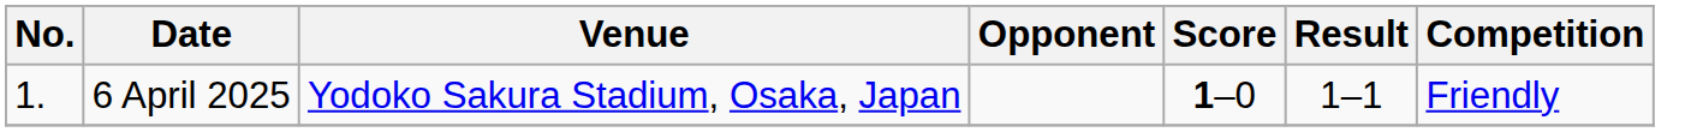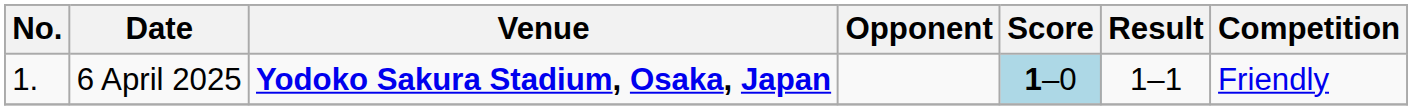 <table class="wikitable">
 <tr>
 <th>No.</th>
 <th>Date</th>
 <th>Venue</th>
 <th>Opponent</th>
 <th>Score</th>
 <th>Result</th>
 <th>Competition</th>
 </tr>
 <tr>
 <td>1.</td>
 <td>6 April 2025</td>
-<td><a href='#'>Yodoko Sakura Stadium</a>, <a href='#'>Osaka</a>, <a href='#'>Japan</a></td>
+<td><strong><a href='#'>Yodoko Sakura Stadium</a>, <a href='#'>Osaka</a>, <a href='#'>Japan</a></strong></td>
 <td></td>
-<td align=center><strong>1</strong>–0</td>
+<td align=center style="background: lightblue;"><strong>1</strong>–0</td>
 <td align=center>1–1</td>
 <td><a href='#'>Friendly</a></td>
 </tr>
 <tr>
 </tr>
 </table>
